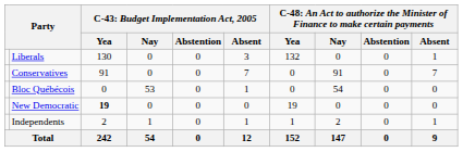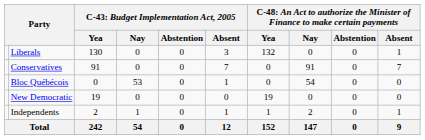 <table class="wikitable" align="center" style="text-align:center; font-size:90%">
 <tr>
 <th colspan="2" rowspan="2">Party</th>
 <th colspan="4">C-43: <em>Budget Implementation Act, 2005</em></th>
 <th colspan="4">C-48: <em>An Act to authorize the Minister of Finance to make certain payments</em></th>
 </tr>
 <tr>
 <th width=60px>Yea</th>
 <th width=60px>Nay</th>
 <th width=60px>Abstention</th>
 <th width=60px>Absent</th>
 <th width=60px>Yea</th>
 <th width=60px>Nay</th>
 <th width=60px>Abstention</th>
 <th width=60px>Absent</th>
 </tr>
 <tr>
 <td style="background:"></td>
 <td align="left"><a href='#'>Liberals</a></td>
 <td>130</td>
 <td>0</td>
 <td>0</td>
 <td>3</td>
 <td>132</td>
 <td>0</td>
 <td>0</td>
 <td>1</td>
 </tr>
 <tr>
 <td style="background:"></td>
 <td align="left"><a href='#'>Conservatives</a></td>
 <td>91</td>
 <td>0</td>
 <td>0</td>
 <td>7</td>
 <td>0</td>
 <td>91</td>
 <td>0</td>
 <td>7</td>
 </tr>
 <tr>
 <td style="background:"></td>
 <td align="left"><a href='#'>Bloc Québécois</a></td>
 <td>0</td>
 <td>53</td>
 <td>0</td>
 <td>1</td>
 <td>0</td>
 <td>54</td>
 <td>0</td>
 <td>0</td>
 </tr>
 <tr>
 <td style="background:"></td>
 <td align="left"><a href='#'>New Democratic</a></td>
-<td><strong>19</strong></td>
+<td>19</td>
 <td>0</td>
 <td>0</td>
 <td>0</td>
 <td>19</td>
 <td>0</td>
 <td>0</td>
 <td>0</td>
 </tr>
 <tr>
 <td style="background:"></td>
 <td align="left">Independents</td>
 <td>2</td>
 <td>1</td>
 <td>0</td>
 <td>1</td>
 <td>1</td>
 <td>2</td>
 <td>0</td>
 <td>1</td>
 </tr>
 <tr>
 <th colspan=2>Total</th>
 <th> 242</th>
 <th>54</th>
 <th>0</th>
 <th>12</th>
 <th> 152</th>
 <th>147</th>
 <th>0</th>
 <th>9</th>
 </tr>
 </table>
